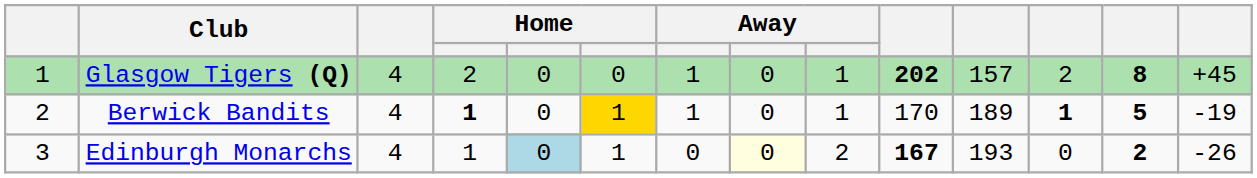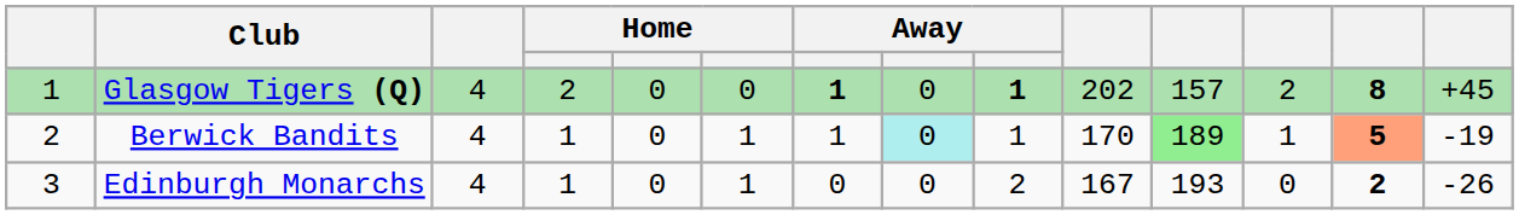 <table class="wikitable" style="text-align:center; font-size:85%">
 <tr>
 <th rowspan="2" style="width:28px;"></th>
 <th rowspan=2>Club</th>
 <th rowspan="2" style="width:28px;"></th>
 <th colspan=3>Home</th>
 <th colspan=3>Away</th>
 <th rowspan="2" style="width:28px;"></th>
 <th rowspan="2" style="width:28px;"></th>
 <th rowspan="2" style="width:28px;"></th>
 <th rowspan="2" style="width:28px;"></th>
 <th rowspan="2" style="width:28px;"></th>
 </tr>
 <tr>
 <th width=28></th>
 <th width=28></th>
 <th width=28></th>
 <th width=28></th>
 <th width=28></th>
 <th width=28></th>
 </tr>
 <tr style="background:#ACE1AF;">
 <td align="center">1</td>
 <td><a href='#'>Glasgow Tigers</a> <strong>(Q)</strong></td>
 <td align="center">4</td>
 <td align="center">2</td>
 <td align="center">0</td>
 <td align="center">0</td>
-<td align="center">1</td>
+<td align="center"><strong>1</strong></td>
 <td align="center">0</td>
-<td align="center">1</td>
-<td align="center"><strong>202</strong></td>
+<td align="center"><strong>1</strong></td>
+<td align="center">202</td>
 <td align="center">157</td>
 <td align="center">2</td>
 <td align="center"><strong>8</strong></td>
 <td align="center">+45</td>
 </tr>
 <tr>
 <td align="center">2</td>
 <td><a href='#'>Berwick Bandits</a></td>
 <td align="center">4</td>
-<td align="center"><strong>1</strong></td>
-<td align="center">0</td>
-<td align="center" style="background: gold;">1</td>
 <td align="center">1</td>
 <td align="center">0</td>
 <td align="center">1</td>
+<td align="center">1</td>
+<td align="center" style="background: paleturquoise;">0</td>
+<td align="center">1</td>
 <td align="center">170</td>
-<td align="center">189</td>
-<td align="center"><strong>1</strong></td>
-<td align="center"><strong>5</strong></td>
+<td align="center" style="background: lightgreen;">189</td>
+<td align="center">1</td>
+<td align="center" style="background: lightsalmon;"><strong>5</strong></td>
 <td align="center">-19</td>
 </tr>
 <tr>
 <td align="center">3</td>
 <td><a href='#'>Edinburgh Monarchs</a></td>
 <td align="center">4</td>
 <td align="center">1</td>
-<td align="center" style="background: lightblue;">0</td>
+<td align="center">0</td>
 <td align="center">1</td>
 <td align="center">0</td>
-<td align="center" style="background: lightyellow;">0</td>
+<td align="center">0</td>
 <td align="center">2</td>
-<td align="center"><strong>167</strong></td>
+<td align="center">167</td>
 <td align="center">193</td>
 <td align="center">0</td>
 <td align="center"><strong>2</strong></td>
 <td align="center">-26</td>
 </tr>
 </table>
